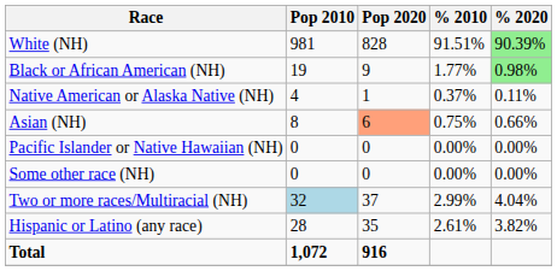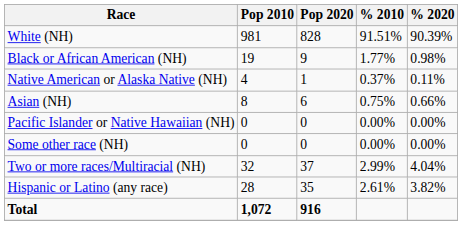 <table class="wikitable">
 <tr>
 <th>Race</th>
 <th>Pop 2010</th>
 <th>Pop 2020</th>
 <th>% 2010</th>
 <th>% 2020</th>
 </tr>
 <tr>
 <td><a href='#'>White</a> (NH)</td>
 <td>981</td>
 <td>828</td>
 <td>91.51%</td>
-<td style="background: lightgreen;">90.39%</td>
+<td>90.39%</td>
 </tr>
 <tr>
 <td><a href='#'>Black or African American</a> (NH)</td>
 <td>19</td>
 <td>9</td>
 <td>1.77%</td>
-<td style="background: lightgreen;">0.98%</td>
+<td>0.98%</td>
 </tr>
 <tr>
 <td><a href='#'>Native American</a> or <a href='#'>Alaska Native</a> (NH)</td>
 <td>4</td>
 <td>1</td>
 <td>0.37%</td>
 <td>0.11%</td>
 </tr>
 <tr>
 <td><a href='#'>Asian</a> (NH)</td>
 <td>8</td>
-<td style="background: lightsalmon;">6</td>
+<td>6</td>
 <td>0.75%</td>
 <td>0.66%</td>
 </tr>
 <tr>
 <td><a href='#'>Pacific Islander</a> or <a href='#'>Native Hawaiian</a> (NH)</td>
 <td>0</td>
 <td>0</td>
 <td>0.00%</td>
 <td>0.00%</td>
 </tr>
 <tr>
 <td><a href='#'>Some other race</a> (NH)</td>
 <td>0</td>
 <td>0</td>
 <td>0.00%</td>
 <td>0.00%</td>
 </tr>
 <tr>
 <td><a href='#'>Two or more races/Multiracial</a> (NH)</td>
-<td style="background: lightblue;">32</td>
+<td>32</td>
 <td>37</td>
 <td>2.99%</td>
 <td>4.04%</td>
 </tr>
 <tr>
 <td><a href='#'>Hispanic or Latino</a> (any race)</td>
 <td>28</td>
 <td>35</td>
 <td>2.61%</td>
 <td>3.82%</td>
 </tr>
 <tr>
 <td><strong>Total</strong></td>
 <td><strong>1,072</strong></td>
 <td><strong>916</strong></td>
 <td></td>
 <td></td>
 </tr>
 <tr>
 </tr>
 </table>
